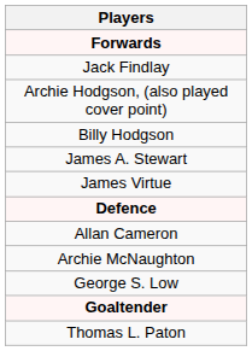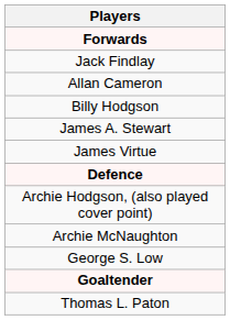 <table class="wikitable" style="text-align:center;">
 <tr>
 <th style="width: 240px;">Players</th>
 </tr>
 <tr style="font-weight:bold; background-color:#FFF5F5;">
 <td colspan="1" align="center"><strong>Forwards</strong></td>
 </tr>
 <tr>
 <td>Jack Findlay</td>
 </tr>
 <tr>
-<td>Archie Hodgson, (also played cover point)</td>
+<td>Allan Cameron</td>
 </tr>
 <tr>
 <td>Billy Hodgson</td>
 </tr>
 <tr>
 <td>James A. Stewart</td>
 </tr>
 <tr>
 <td>James Virtue</td>
 </tr>
 <tr style="font-weight:bold; background-color:#FFF5F5;">
 <td colspan="1" align="center"><strong>Defence</strong></td>
 </tr>
 <tr>
-<td>Allan Cameron</td>
+<td>Archie Hodgson, (also played cover point)</td>
 </tr>
 <tr>
 <td>Archie McNaughton</td>
 </tr>
 <tr>
 <td>George S. Low</td>
 </tr>
 <tr style="font-weight:bold; background-color:#FFF5F5;">
 <td colspan="1" align="center"><strong>Goaltender</strong></td>
 </tr>
 <tr>
 <td>Thomas L. Paton</td>
 </tr>
 </table>
